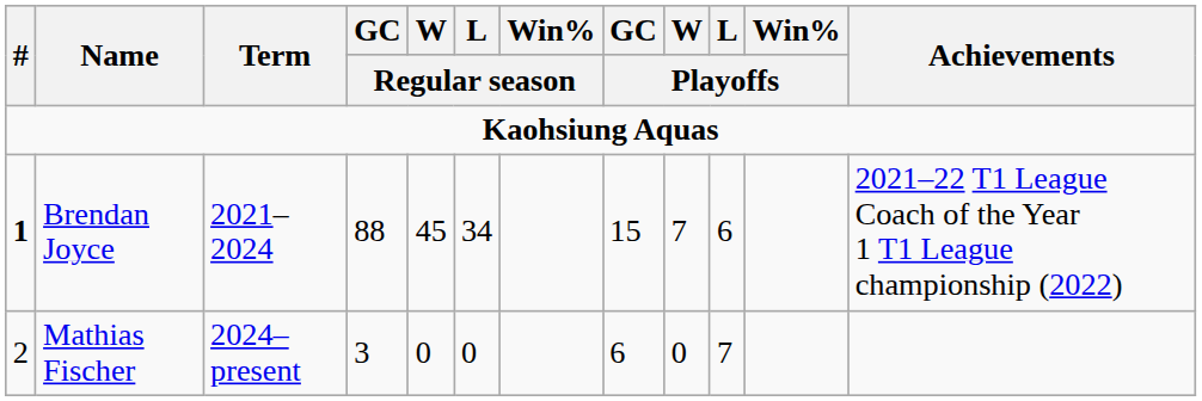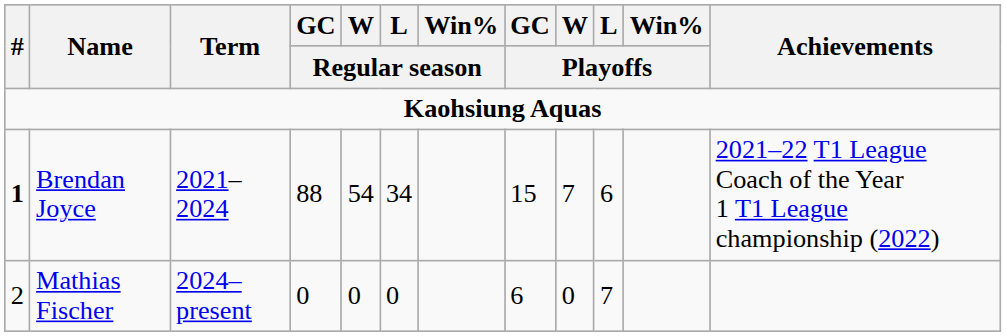 <table class="wikitable sortable">
 <tr>
 <th rowspan="2">#</th>
 <th rowspan="2">Name</th>
 <th rowspan="2">Term</th>
 <th>GC</th>
 <th>W</th>
 <th>L</th>
 <th>Win%</th>
 <th>GC</th>
 <th>W</th>
 <th>L</th>
 <th>Win%</th>
 <th rowspan="2" class=unsortable>Achievements</th>
 </tr>
 <tr class="unsortable">
 <th colspan="4">Regular season</th>
 <th colspan="4">Playoffs</th>
 </tr>
 <tr>
 <td align=center colspan="15"><strong>Kaohsiung Aquas</strong></td>
 </tr>
 <tr>
 <td align=center><strong>1</strong></td>
 <td><a href='#'>Brendan Joyce</a></td>
 <td><a href='#'>2021</a>–<a href='#'>2024</a></td>
 <td>88</td>
-<td>45</td>
+<td>54</td>
 <td>34</td>
 <td></td>
 <td>15</td>
 <td>7</td>
 <td>6</td>
 <td></td>
 <td><a href='#'>2021–22</a> <a href='#'>T1 League</a> Coach of the Year<br>1 <a href='#'>T1 League</a> championship (<a href='#'>2022</a>)</td>
 </tr>
 <tr>
 <td align=center>2</td>
 <td><a href='#'>Mathias Fischer</a></td>
 <td><a href='#'>2024–present</a></td>
-<td>3</td>
+<td>0</td>
 <td>0</td>
 <td>0</td>
 <td></td>
 <td>6</td>
 <td>0</td>
 <td>7</td>
 <td></td>
 <td></td>
 </tr>
 </table>
